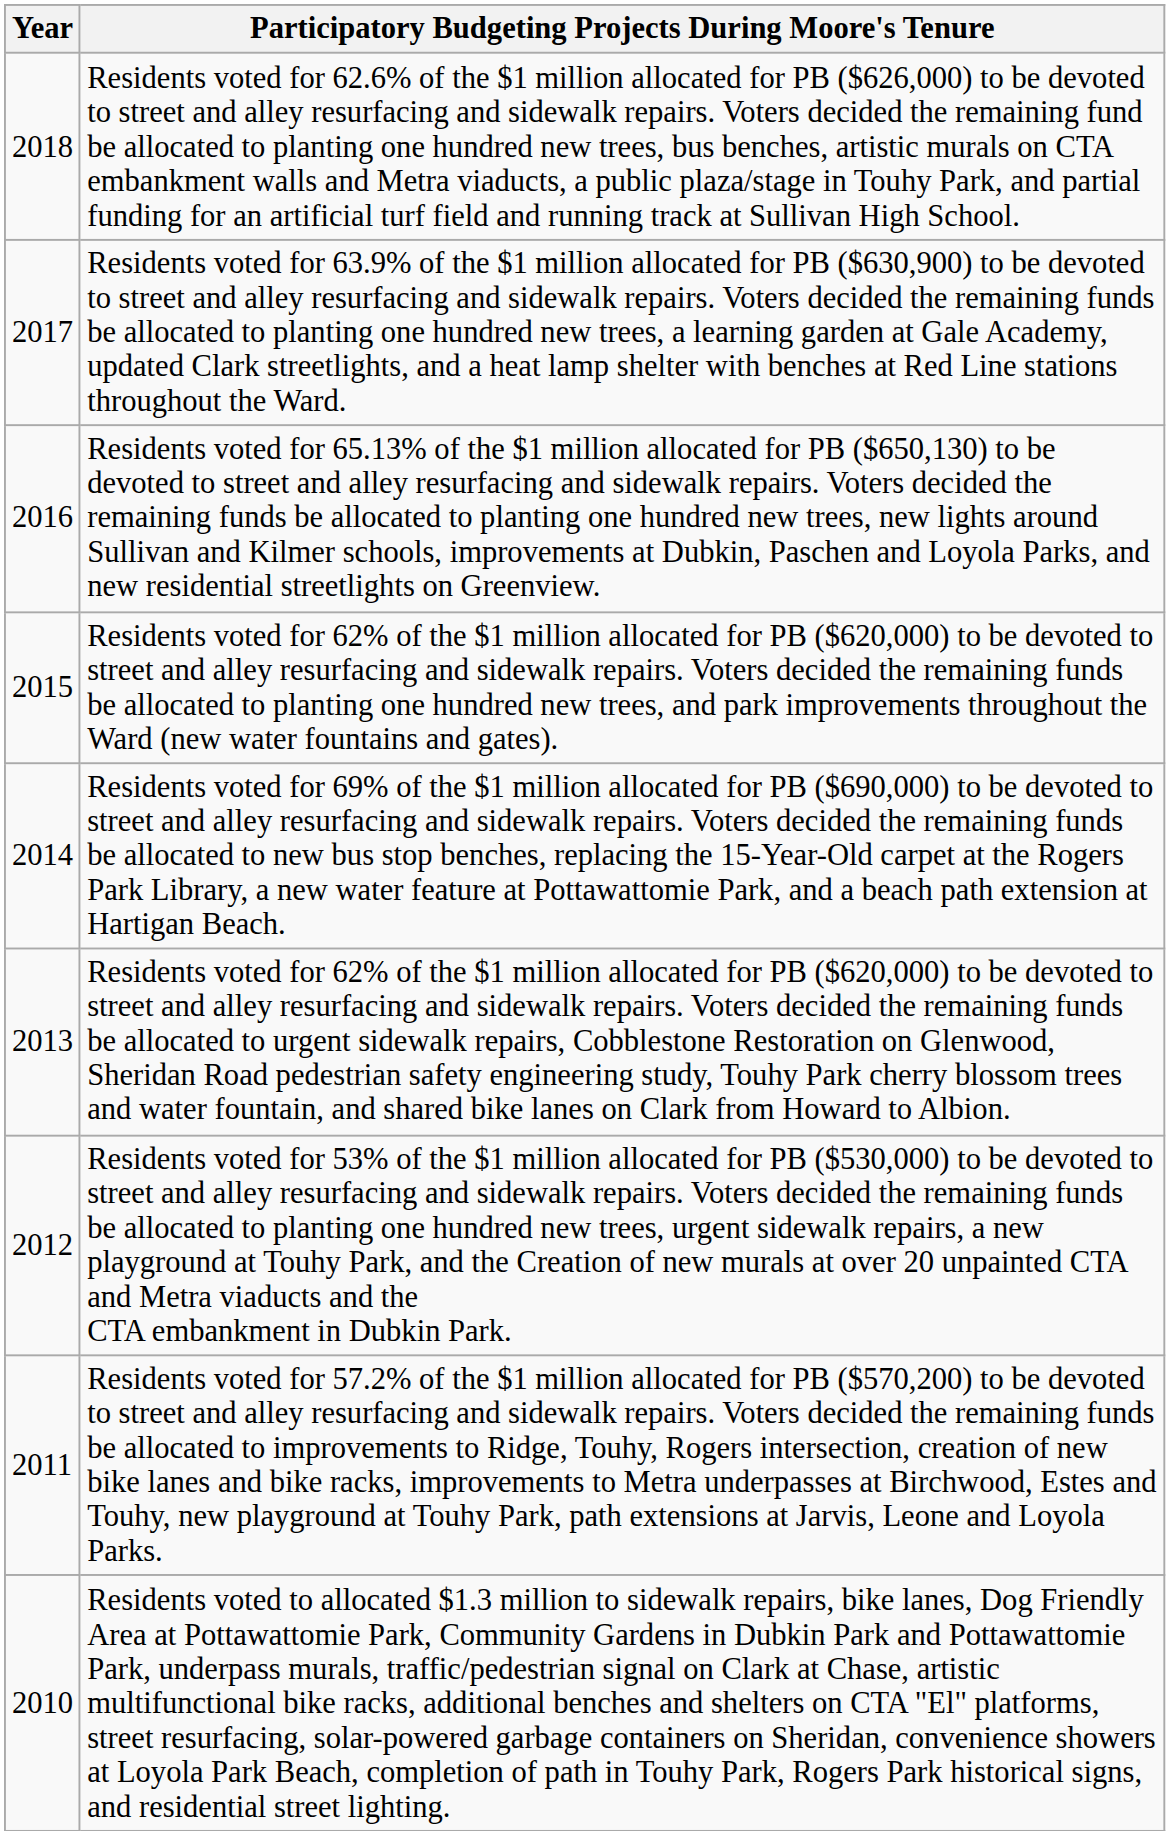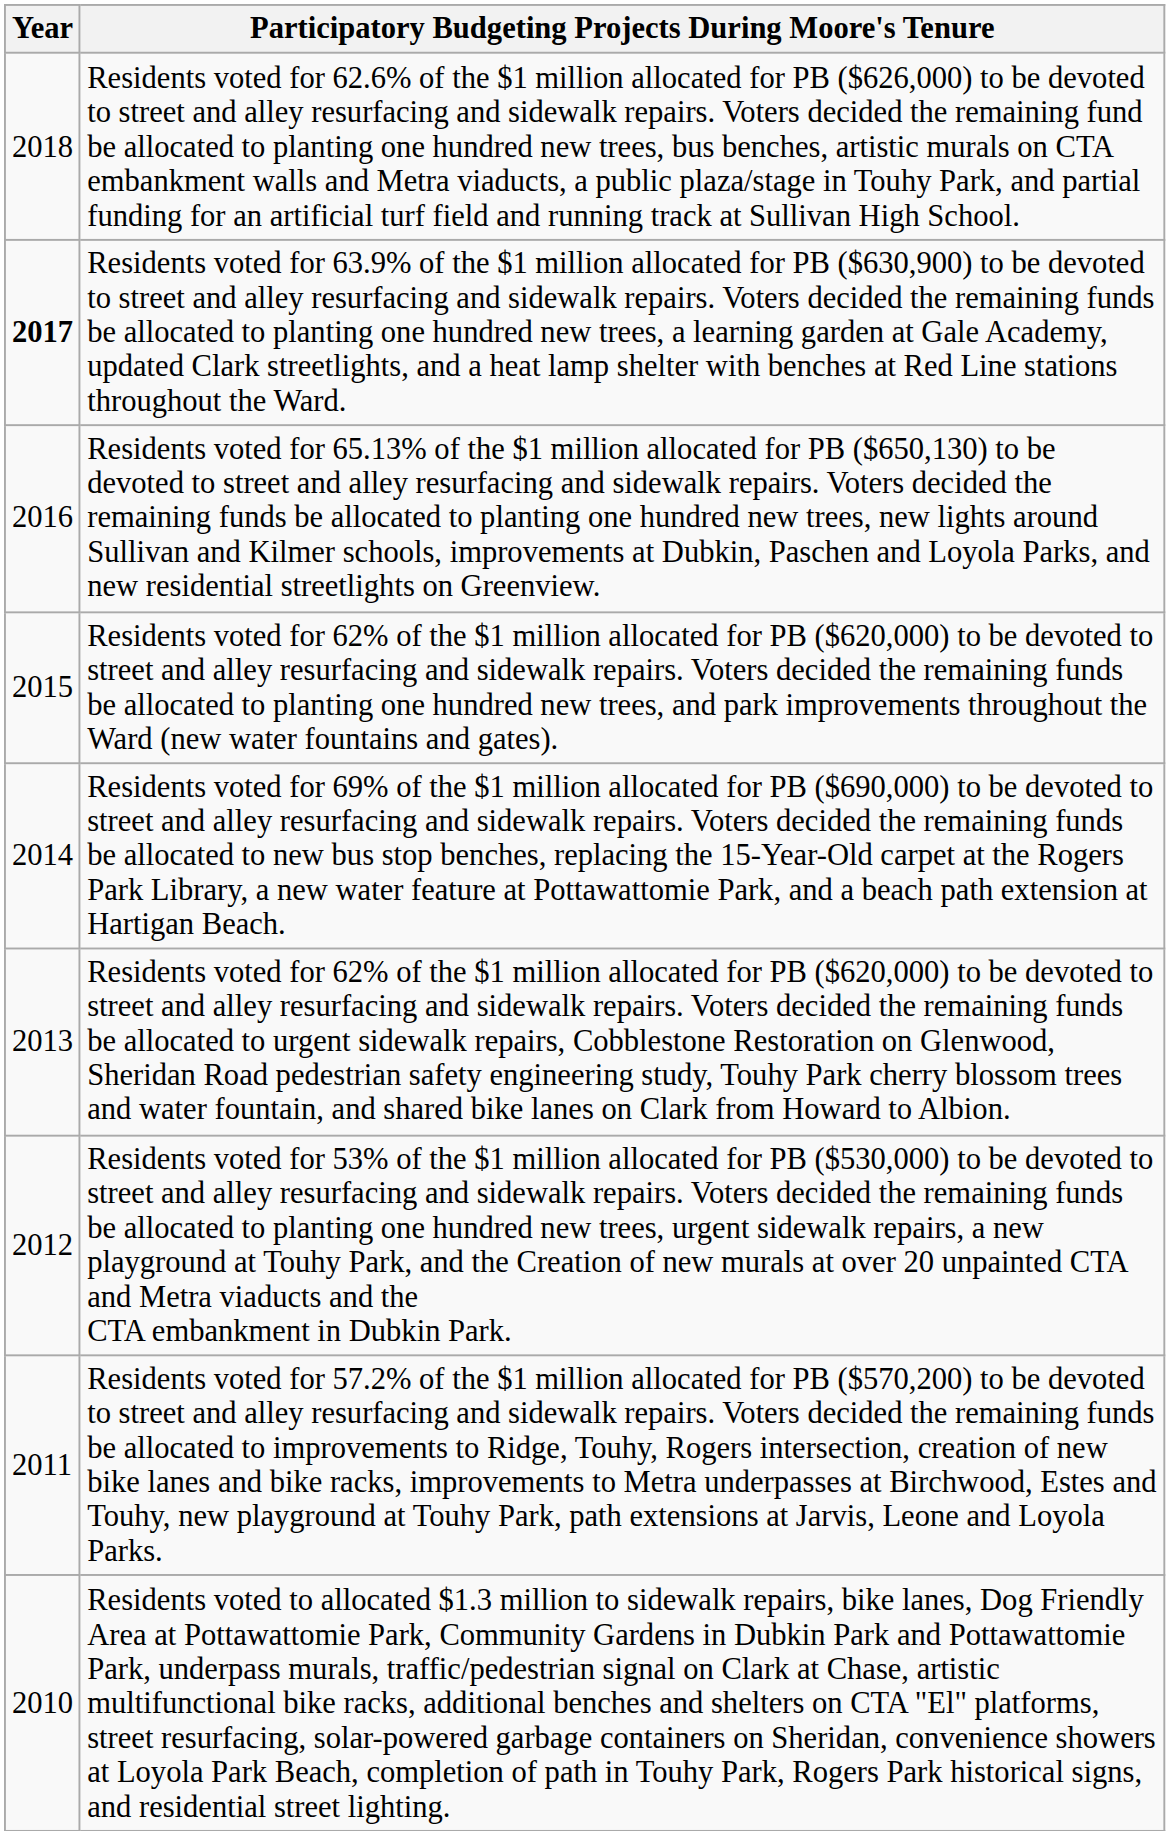 <table class="wikitable">
 <tr>
 <th>Year</th>
 <th>Participatory Budgeting Projects During Moore's Tenure</th>
 </tr>
 <tr>
 <td>2018</td>
 <td>Residents voted for 62.6% of the $1 million allocated for PB ($626,000) to be devoted to street and alley resurfacing and sidewalk repairs. Voters decided the remaining fund be allocated to planting one hundred new trees, bus benches, artistic murals on CTA embankment walls and Metra viaducts, a public plaza/stage in Touhy Park, and partial funding for an artificial turf field and running track at Sullivan High School.</td>
 </tr>
 <tr>
-<td>2017</td>
+<td><strong>2017</strong></td>
 <td>Residents voted for 63.9% of the $1 million allocated for PB ($630,900) to be devoted to street and alley resurfacing and sidewalk repairs. Voters decided the remaining funds be allocated to planting one hundred new trees, a learning garden at Gale Academy, updated Clark streetlights, and a heat lamp shelter with benches at Red Line stations throughout the Ward.</td>
 </tr>
 <tr>
 <td>2016</td>
 <td>Residents voted for 65.13% of the $1 million allocated for PB ($650,130) to be devoted to street and alley resurfacing and sidewalk repairs. Voters decided the remaining funds be allocated to planting one hundred new trees, new lights around Sullivan and Kilmer schools, improvements at Dubkin, Paschen and Loyola Parks, and new residential streetlights on Greenview.</td>
 </tr>
 <tr>
 <td>2015</td>
 <td>Residents voted for 62% of the $1 million allocated for PB ($620,000) to be devoted to street and alley resurfacing and sidewalk repairs. Voters decided the remaining funds be allocated to planting one hundred new trees, and park improvements throughout the Ward (new water fountains and gates).</td>
 </tr>
 <tr>
 <td>2014</td>
 <td>Residents voted for 69% of the $1 million allocated for PB ($690,000) to be devoted to street and alley resurfacing and sidewalk repairs. Voters decided the remaining funds be allocated to new bus stop benches, replacing the 15-Year-Old carpet at the Rogers Park Library, a new water feature at Pottawattomie Park, and a beach path extension at Hartigan Beach.</td>
 </tr>
 <tr>
 <td>2013</td>
 <td>Residents voted for 62% of the $1 million allocated for PB ($620,000) to be devoted to street and alley resurfacing and sidewalk repairs. Voters decided the remaining funds be allocated to urgent sidewalk repairs, Cobblestone Restoration on Glenwood, Sheridan Road pedestrian safety engineering study, Touhy Park cherry blossom trees and water fountain, and shared bike lanes on Clark from Howard to Albion.</td>
 </tr>
 <tr>
 <td>2012</td>
 <td>Residents voted for 53% of the $1 million allocated for PB ($530,000) to be devoted to street and alley resurfacing and sidewalk repairs. Voters decided the remaining funds be allocated to planting one hundred new trees, urgent sidewalk repairs, a new playground at Touhy Park, and the Creation of new murals at over 20 unpainted CTA and Metra viaducts and the<br>CTA embankment in Dubkin Park.</td>
 </tr>
 <tr>
 <td>2011</td>
 <td>Residents voted for 57.2% of the $1 million allocated for PB ($570,200) to be devoted to street and alley resurfacing and sidewalk repairs. Voters decided the remaining funds be allocated to improvements to Ridge, Touhy, Rogers intersection, creation of new bike lanes and bike racks, improvements to Metra underpasses at Birchwood, Estes and Touhy, new playground at Touhy Park, path extensions at Jarvis, Leone and Loyola Parks.</td>
 </tr>
 <tr>
 <td>2010</td>
 <td>Residents voted to allocated $1.3 million to sidewalk repairs, bike lanes, Dog Friendly Area at Pottawattomie Park, Community Gardens in Dubkin Park and Pottawattomie Park, underpass murals, traffic/pedestrian signal on Clark at Chase, artistic multifunctional bike racks, additional benches and shelters on CTA "El" platforms, street resurfacing, solar-powered garbage containers on Sheridan, convenience showers at Loyola Park Beach, completion of path in Touhy Park, Rogers Park historical signs, and residential street lighting.</td>
 </tr>
 </table>
